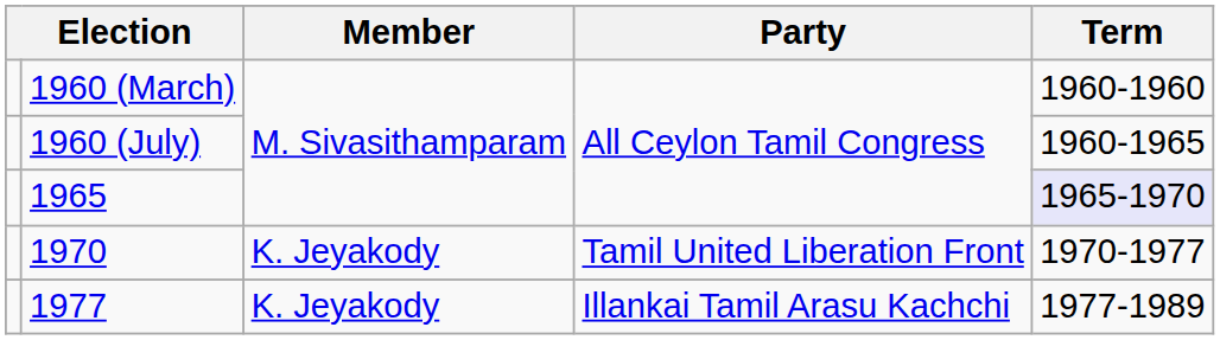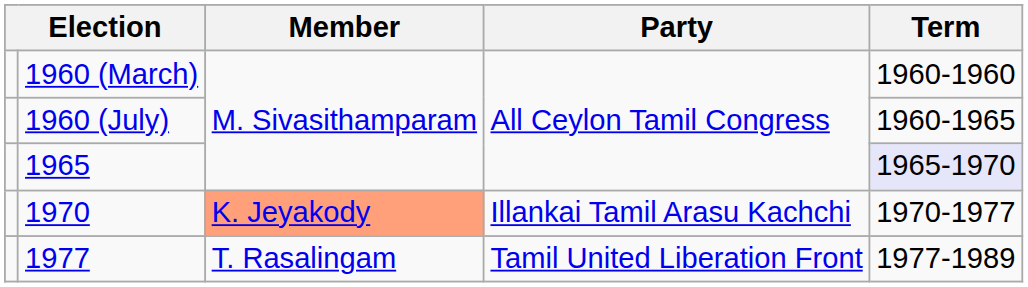 <table class="wikitable">
 <tr>
 <th colspan="2">Election</th>
 <th>Member</th>
 <th>Party</th>
 <th>Term</th>
 </tr>
 <tr>
 <td style="background-color: "></td>
 <td><a href='#'>1960 (March)</a></td>
 <td rowspan ="3"><a href='#'>M. Sivasithamparam</a></td>
 <td rowspan ="3"><a href='#'>All Ceylon Tamil Congress</a></td>
 <td>1960-1960</td>
 </tr>
 <tr>
 <td style="background-color: "></td>
 <td><a href='#'>1960 (July)</a></td>
 <td>1960-1965</td>
 </tr>
 <tr>
 <td style="background-color: "></td>
 <td><a href='#'>1965</a></td>
 <td style="background: lavender;">1965-1970</td>
 </tr>
 <tr>
 <td style="background-color: "></td>
 <td><a href='#'>1970</a></td>
-<td><a href='#'>K. Jeyakody</a></td>
-<td><a href='#'>Tamil United Liberation Front</a></td>
+<td style="background: lightsalmon;"><a href='#'>K. Jeyakody</a></td>
+<td><a href='#'>Illankai Tamil Arasu Kachchi</a></td>
 <td>1970-1977</td>
 </tr>
 <tr>
 <td style="background-color: "></td>
 <td><a href='#'>1977</a></td>
-<td><a href='#'>K. Jeyakody</a></td>
-<td><a href='#'>Illankai Tamil Arasu Kachchi</a></td>
+<td><a href='#'>T. Rasalingam</a></td>
+<td><a href='#'>Tamil United Liberation Front</a></td>
 <td>1977-1989</td>
 </tr>
 </table>
